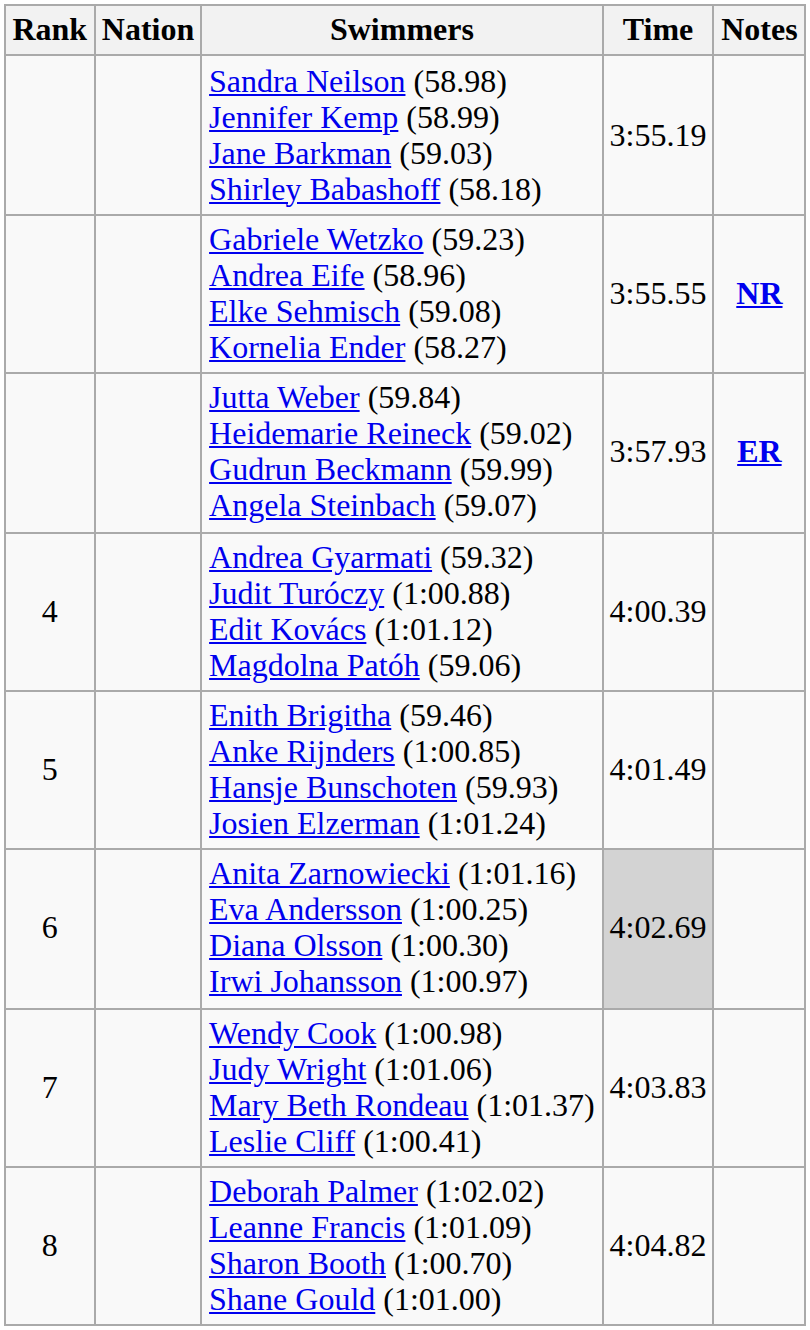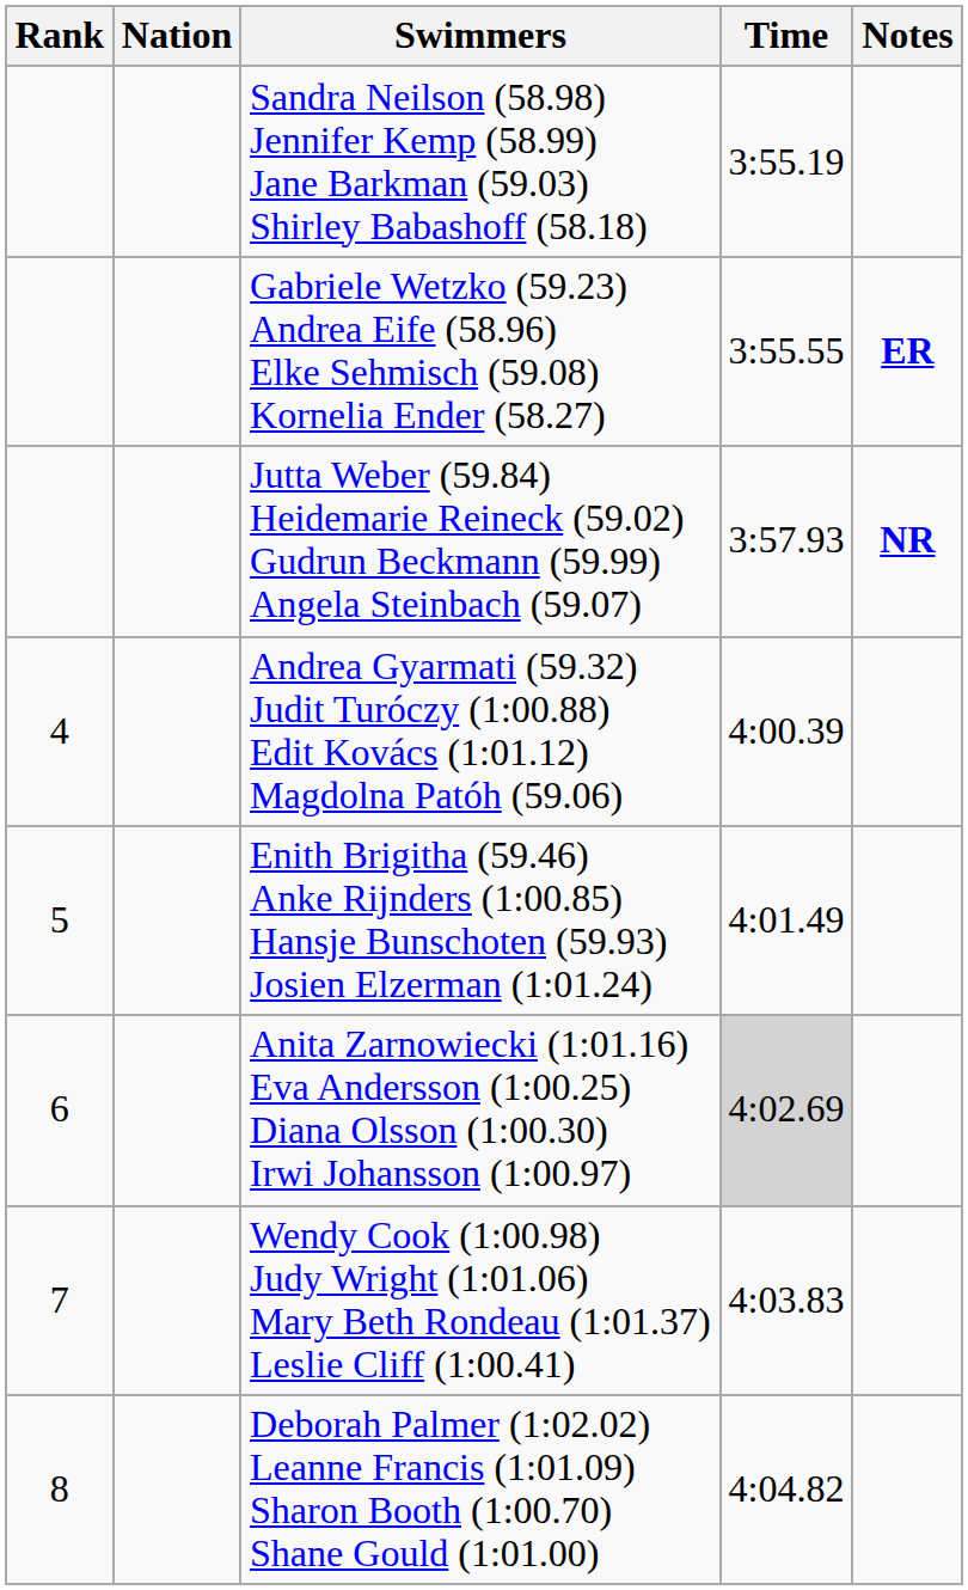 <table class="wikitable sortable" style="text-align:center">
 <tr>
 <th>Rank</th>
 <th>Nation</th>
 <th>Swimmers</th>
 <th>Time</th>
 <th>Notes</th>
 </tr>
 <tr>
 </tr>
 <tr>
 <td></td>
 <td align=left></td>
 <td align=left><a href='#'>Sandra Neilson</a> (58.98) <br> <a href='#'>Jennifer Kemp</a> (58.99) <br> <a href='#'>Jane Barkman</a> (59.03) <br> <a href='#'>Shirley Babashoff</a> (58.18)</td>
 <td>3:55.19</td>
 <td></td>
 </tr>
 <tr>
 <td></td>
 <td align=left></td>
 <td align=left><a href='#'>Gabriele Wetzko</a> (59.23) <br> <a href='#'>Andrea Eife</a> (58.96) <br> <a href='#'>Elke Sehmisch</a> (59.08) <br> <a href='#'>Kornelia Ender</a> (58.27)</td>
 <td>3:55.55</td>
-<td><strong><a href='#'>NR</a></strong></td>
+<td><strong><a href='#'>ER</a></strong></td>
 </tr>
 <tr>
 <td></td>
 <td align=left></td>
 <td align=left><a href='#'>Jutta Weber</a> (59.84) <br> <a href='#'>Heidemarie Reineck</a> (59.02) <br> <a href='#'>Gudrun Beckmann</a> (59.99) <br> <a href='#'>Angela Steinbach</a> (59.07)</td>
 <td>3:57.93</td>
-<td><strong><a href='#'>ER</a></strong></td>
+<td><strong><a href='#'>NR</a></strong></td>
 </tr>
 <tr>
 <td>4</td>
 <td align=left></td>
 <td align=left><a href='#'>Andrea Gyarmati</a> (59.32)<br><a href='#'>Judit Turóczy</a> (1:00.88)<br><a href='#'>Edit Kovács</a> (1:01.12)<br><a href='#'>Magdolna Patóh</a> (59.06)</td>
 <td>4:00.39</td>
 <td></td>
 </tr>
 <tr>
 <td>5</td>
 <td align=left></td>
 <td align=left><a href='#'>Enith Brigitha</a> (59.46)<br><a href='#'>Anke Rijnders</a> (1:00.85)<br><a href='#'>Hansje Bunschoten</a> (59.93)<br><a href='#'>Josien Elzerman</a> (1:01.24)</td>
 <td>4:01.49</td>
 <td></td>
 </tr>
 <tr>
 <td>6</td>
 <td align=left></td>
 <td align=left><a href='#'>Anita Zarnowiecki</a> (1:01.16)<br><a href='#'>Eva Andersson</a> (1:00.25)<br><a href='#'>Diana Olsson</a> (1:00.30)<br><a href='#'>Irwi Johansson</a> (1:00.97)</td>
 <td style="background: lightgrey;">4:02.69</td>
 <td></td>
 </tr>
 <tr>
 <td>7</td>
 <td align=left></td>
 <td align=left><a href='#'>Wendy Cook</a> (1:00.98)<br><a href='#'>Judy Wright</a> (1:01.06)<br><a href='#'>Mary Beth Rondeau</a> (1:01.37)<br><a href='#'>Leslie Cliff</a> (1:00.41)</td>
 <td>4:03.83</td>
 <td></td>
 </tr>
 <tr>
 <td>8</td>
 <td align=left></td>
 <td align=left><a href='#'>Deborah Palmer</a> (1:02.02)<br><a href='#'>Leanne Francis</a> (1:01.09)<br><a href='#'>Sharon Booth</a> (1:00.70)<br><a href='#'>Shane Gould</a> (1:01.00)</td>
 <td>4:04.82</td>
 <td></td>
 </tr>
 </table>
